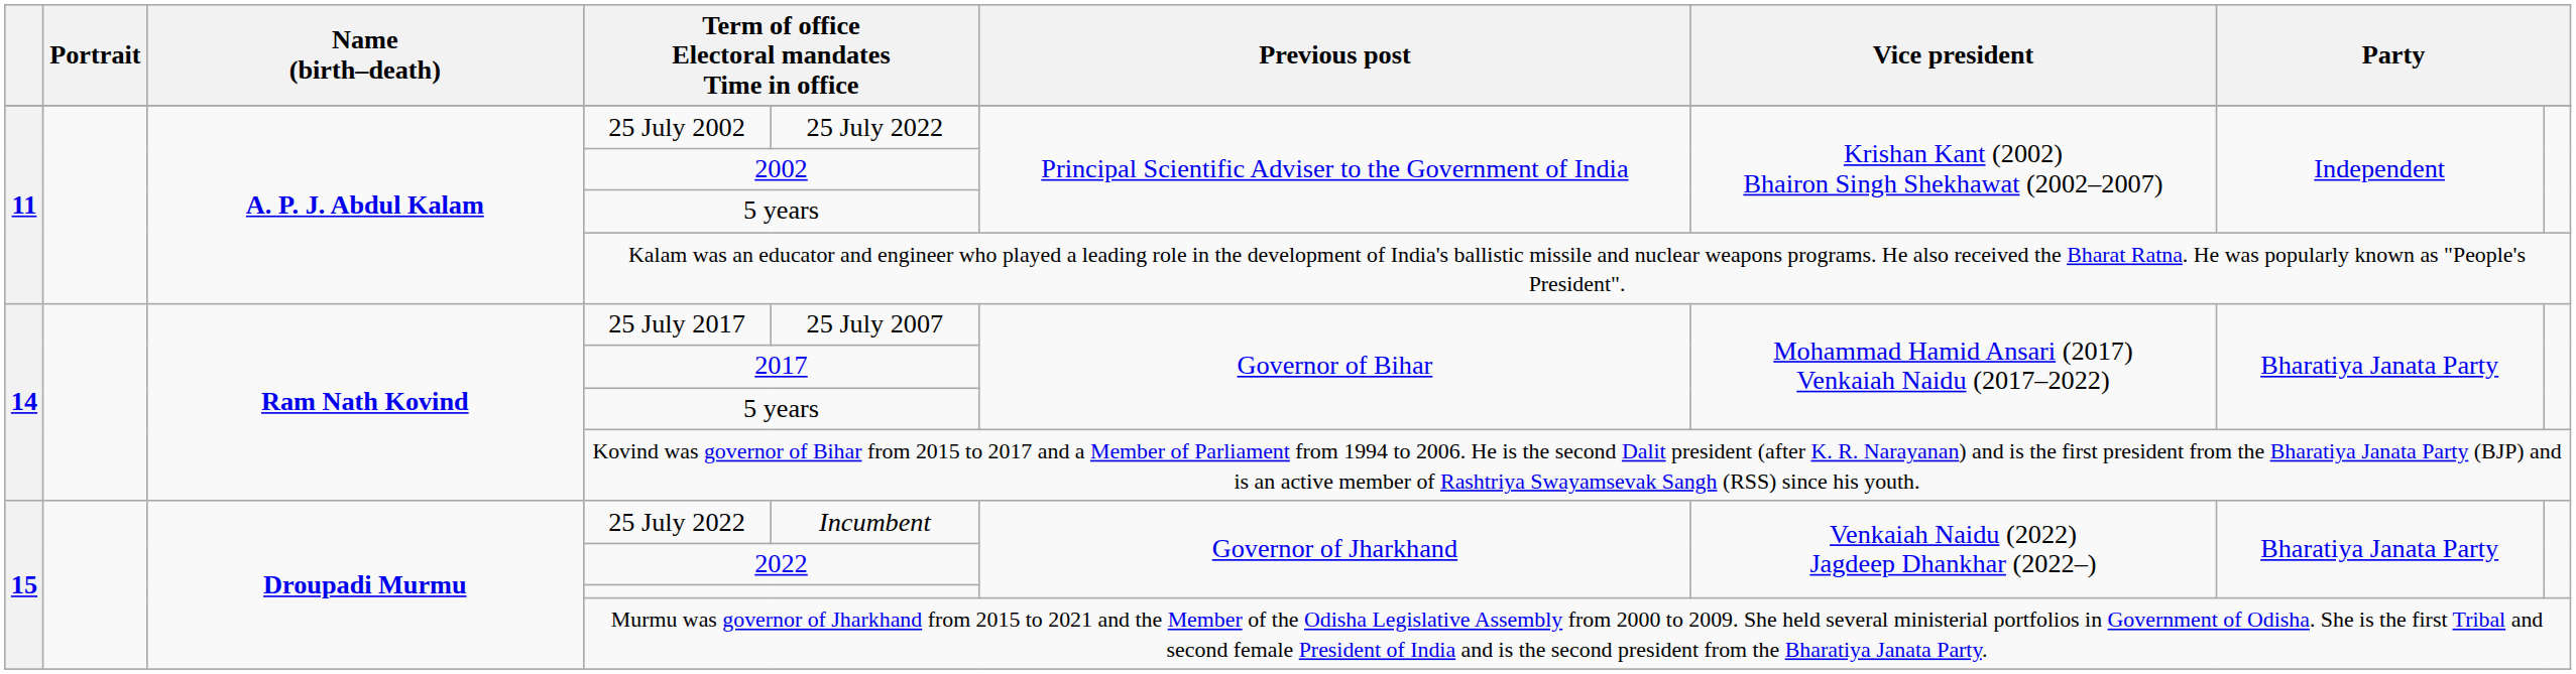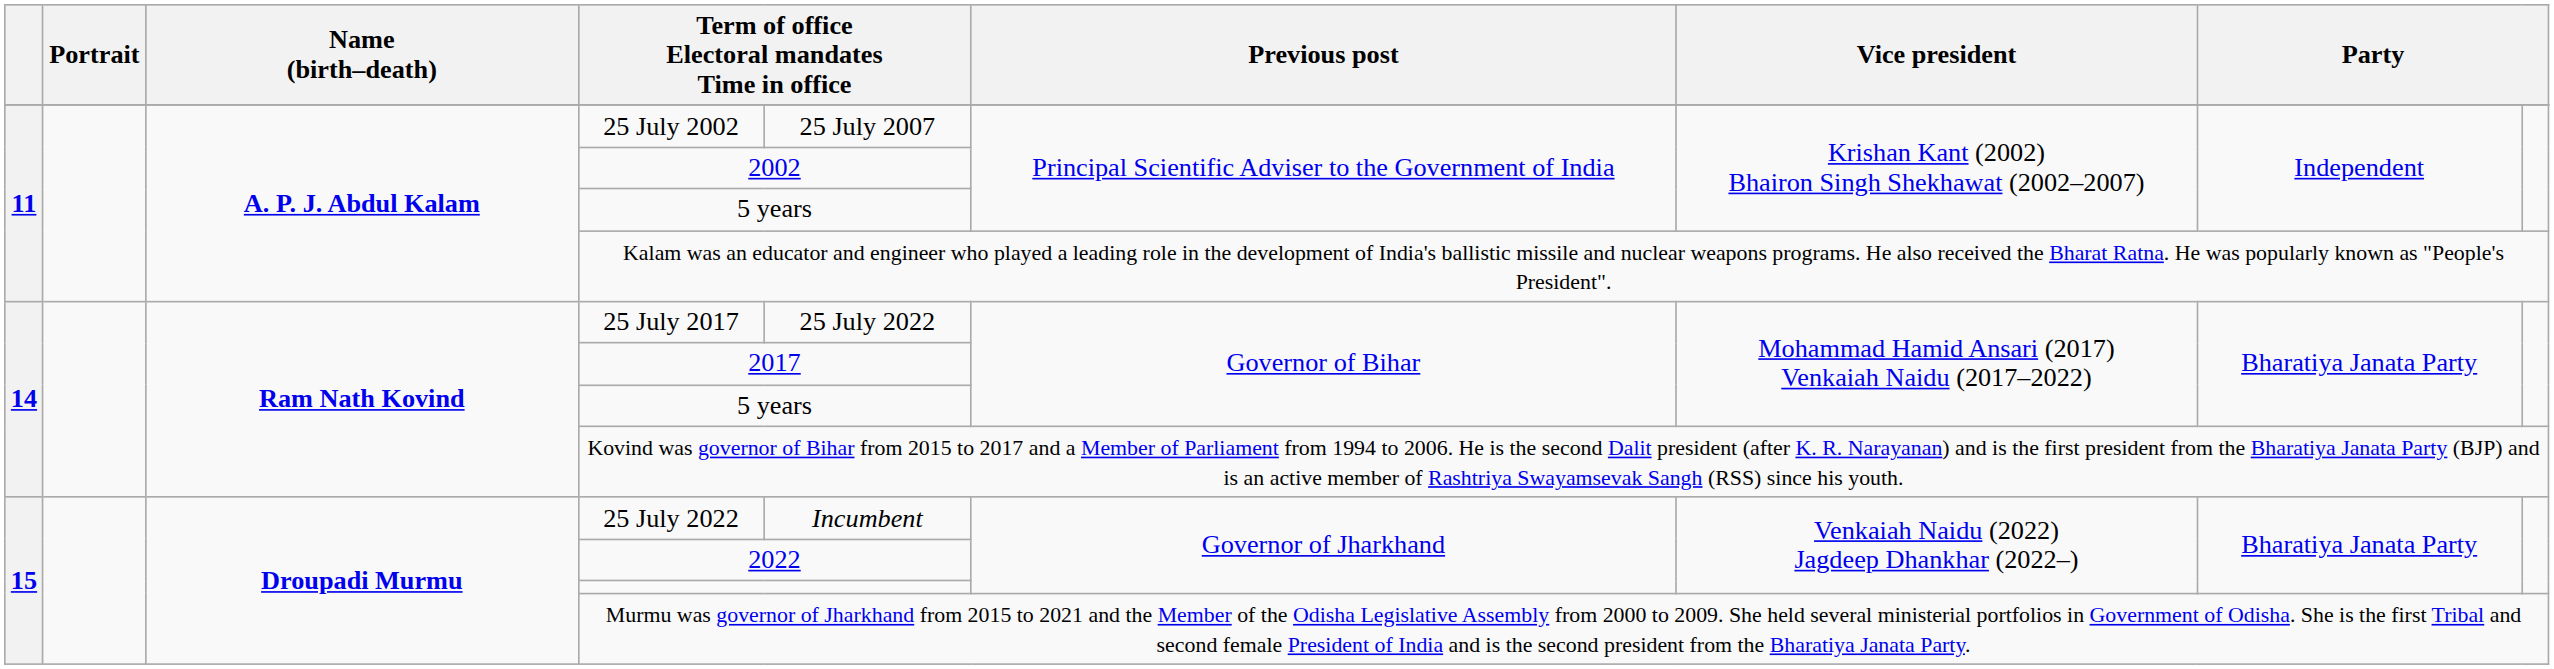 <table class="wikitable sortable" style="text-align:center; width:98%; margin-top:0.5em">
 <tr>
 <th scope="col"></th>
 <th scope="col" class="unsortable">Portrait</th>
 <th scope="col" width="17%">Name<br>(birth–death)</th>
 <th colspan="2">Term of office<br>Electoral mandates<br>Time in office</th>
 <th scope="col">Previous post</th>
 <th scope="col">Vice president</th>
 <th colspan="2" scope="col" class="unsortable">Party</th>
 </tr>
 <tr>
 </tr>
 <tr>
 <th rowspan="4"><a href='#'>11</a></th>
 <td rowspan="4"></td>
 <td rowspan="4" scope="row"><strong><a href='#'>A. P. J. Abdul Kalam</a></strong><br></td>
 <td>25 July 2002</td>
-<td>25 July 2022</td>
+<td>25 July 2007</td>
 <td rowspan="3"><a href='#'>Principal Scientific Adviser to the Government of India</a></td>
 <td rowspan="3"><a href='#'>Krishan Kant</a> (2002)<br><a href='#'>Bhairon Singh Shekhawat</a> (2002–2007)</td>
 <td rowspan="3"><a href='#'>Independent</a></td>
 <td rowspan="3" style="background:"> </td>
 </tr>
 <tr>
 <td colspan="2"><a href='#'>2002</a></td>
 </tr>
 <tr>
 <td colspan="2">5 years</td>
 </tr>
 <tr>
 <td colspan="6"><small>Kalam was an educator and engineer who played a leading role in the development of India's ballistic missile and nuclear weapons programs. He also received the <a href='#'>Bharat Ratna</a>. He was popularly known as "People's President".</small></td>
 </tr>
 <tr>
 <th rowspan="4"><a href='#'>14</a></th>
 <td rowspan="4"></td>
 <td rowspan="4" scope="row"><strong><a href='#'>Ram Nath Kovind</a></strong><br></td>
 <td>25 July 2017</td>
-<td>25 July 2007</td>
+<td>25 July 2022</td>
 <td rowspan="3"><a href='#'>Governor of Bihar</a></td>
 <td rowspan="3"><a href='#'>Mohammad Hamid Ansari</a> (2017)<br><a href='#'>Venkaiah Naidu</a> (2017–2022)</td>
 <td rowspan="3"><a href='#'>Bharatiya Janata Party</a></td>
 <td rowspan="3" style="background:"> </td>
 </tr>
 <tr>
 <td colspan="2"><a href='#'>2017</a></td>
 </tr>
 <tr>
 <td colspan="2">5 years</td>
 </tr>
 <tr>
 <td colspan="6"><small>Kovind was <a href='#'>governor of Bihar</a> from 2015 to 2017 and a <a href='#'>Member of Parliament</a> from 1994 to 2006. He is the second <a href='#'>Dalit</a> president (after <a href='#'>K. R. Narayanan</a>) and is the first president from the <a href='#'>Bharatiya Janata Party</a> (BJP) and is an active member of <a href='#'>Rashtriya Swayamsevak Sangh</a> (RSS) since his youth.</small></td>
 </tr>
 <tr>
 <th rowspan="4"><a href='#'>15</a></th>
 <td rowspan="4"></td>
 <td rowspan="4" scope="row"><strong><a href='#'>Droupadi Murmu</a></strong><br></td>
 <td>25 July 2022</td>
 <td><em>Incumbent</em></td>
 <td rowspan="3"><a href='#'>Governor of Jharkhand</a></td>
 <td rowspan="3"><a href='#'>Venkaiah Naidu</a> (2022)<br><a href='#'>Jagdeep Dhankhar</a> (2022–)</td>
 <td rowspan="3"><a href='#'>Bharatiya Janata Party</a></td>
 <td rowspan="3" style="background:"> </td>
 </tr>
 <tr>
 <td colspan="2"><a href='#'>2022</a></td>
 </tr>
 <tr>
 <td colspan="2"></td>
 </tr>
 <tr>
 <td colspan="6"><small>Murmu was <a href='#'>governor of Jharkhand</a> from 2015 to 2021 and the <a href='#'>Member</a> of the <a href='#'>Odisha Legislative Assembly</a> from 2000 to 2009. She held several ministerial portfolios in <a href='#'>Government of Odisha</a>. She is the first <a href='#'>Tribal</a> and second female <a href='#'>President of India</a> and is the second president from the <a href='#'>Bharatiya Janata Party</a>.</small></td>
 </tr>
 </table>
